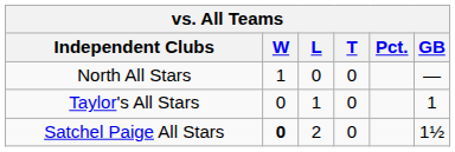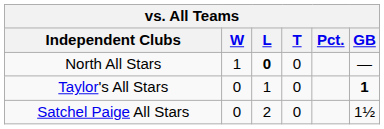 <table class="wikitable" width="400em" style="text-align:center;">
 <tr>
 <th colspan="6">vs. All Teams</th>
 </tr>
 <tr>
 <th width="58%">Independent Clubs</th>
 <th width="8%"><a href='#'>W</a></th>
 <th width="8%"><a href='#'>L</a></th>
 <th width="8%"><a href='#'>T</a></th>
 <th width="10%"><a href='#'>Pct.</a></th>
 <th width="8%"><a href='#'>GB</a></th>
 </tr>
 <tr>
 <td>North All Stars</td>
 <td>1</td>
-<td>0</td>
+<td><strong>0</strong></td>
 <td>0</td>
 <td></td>
 <td>—</td>
 </tr>
 <tr>
 <td><a href='#'>Taylor</a>'s All Stars</td>
 <td>0</td>
 <td>1</td>
 <td>0</td>
 <td></td>
-<td>1</td>
+<td><strong>1</strong></td>
 </tr>
 <tr>
 <td><a href='#'>Satchel Paige</a> All Stars</td>
-<td><strong>0</strong></td>
+<td>0</td>
 <td>2</td>
 <td>0</td>
 <td></td>
 <td>1½</td>
 </tr>
 </table>
